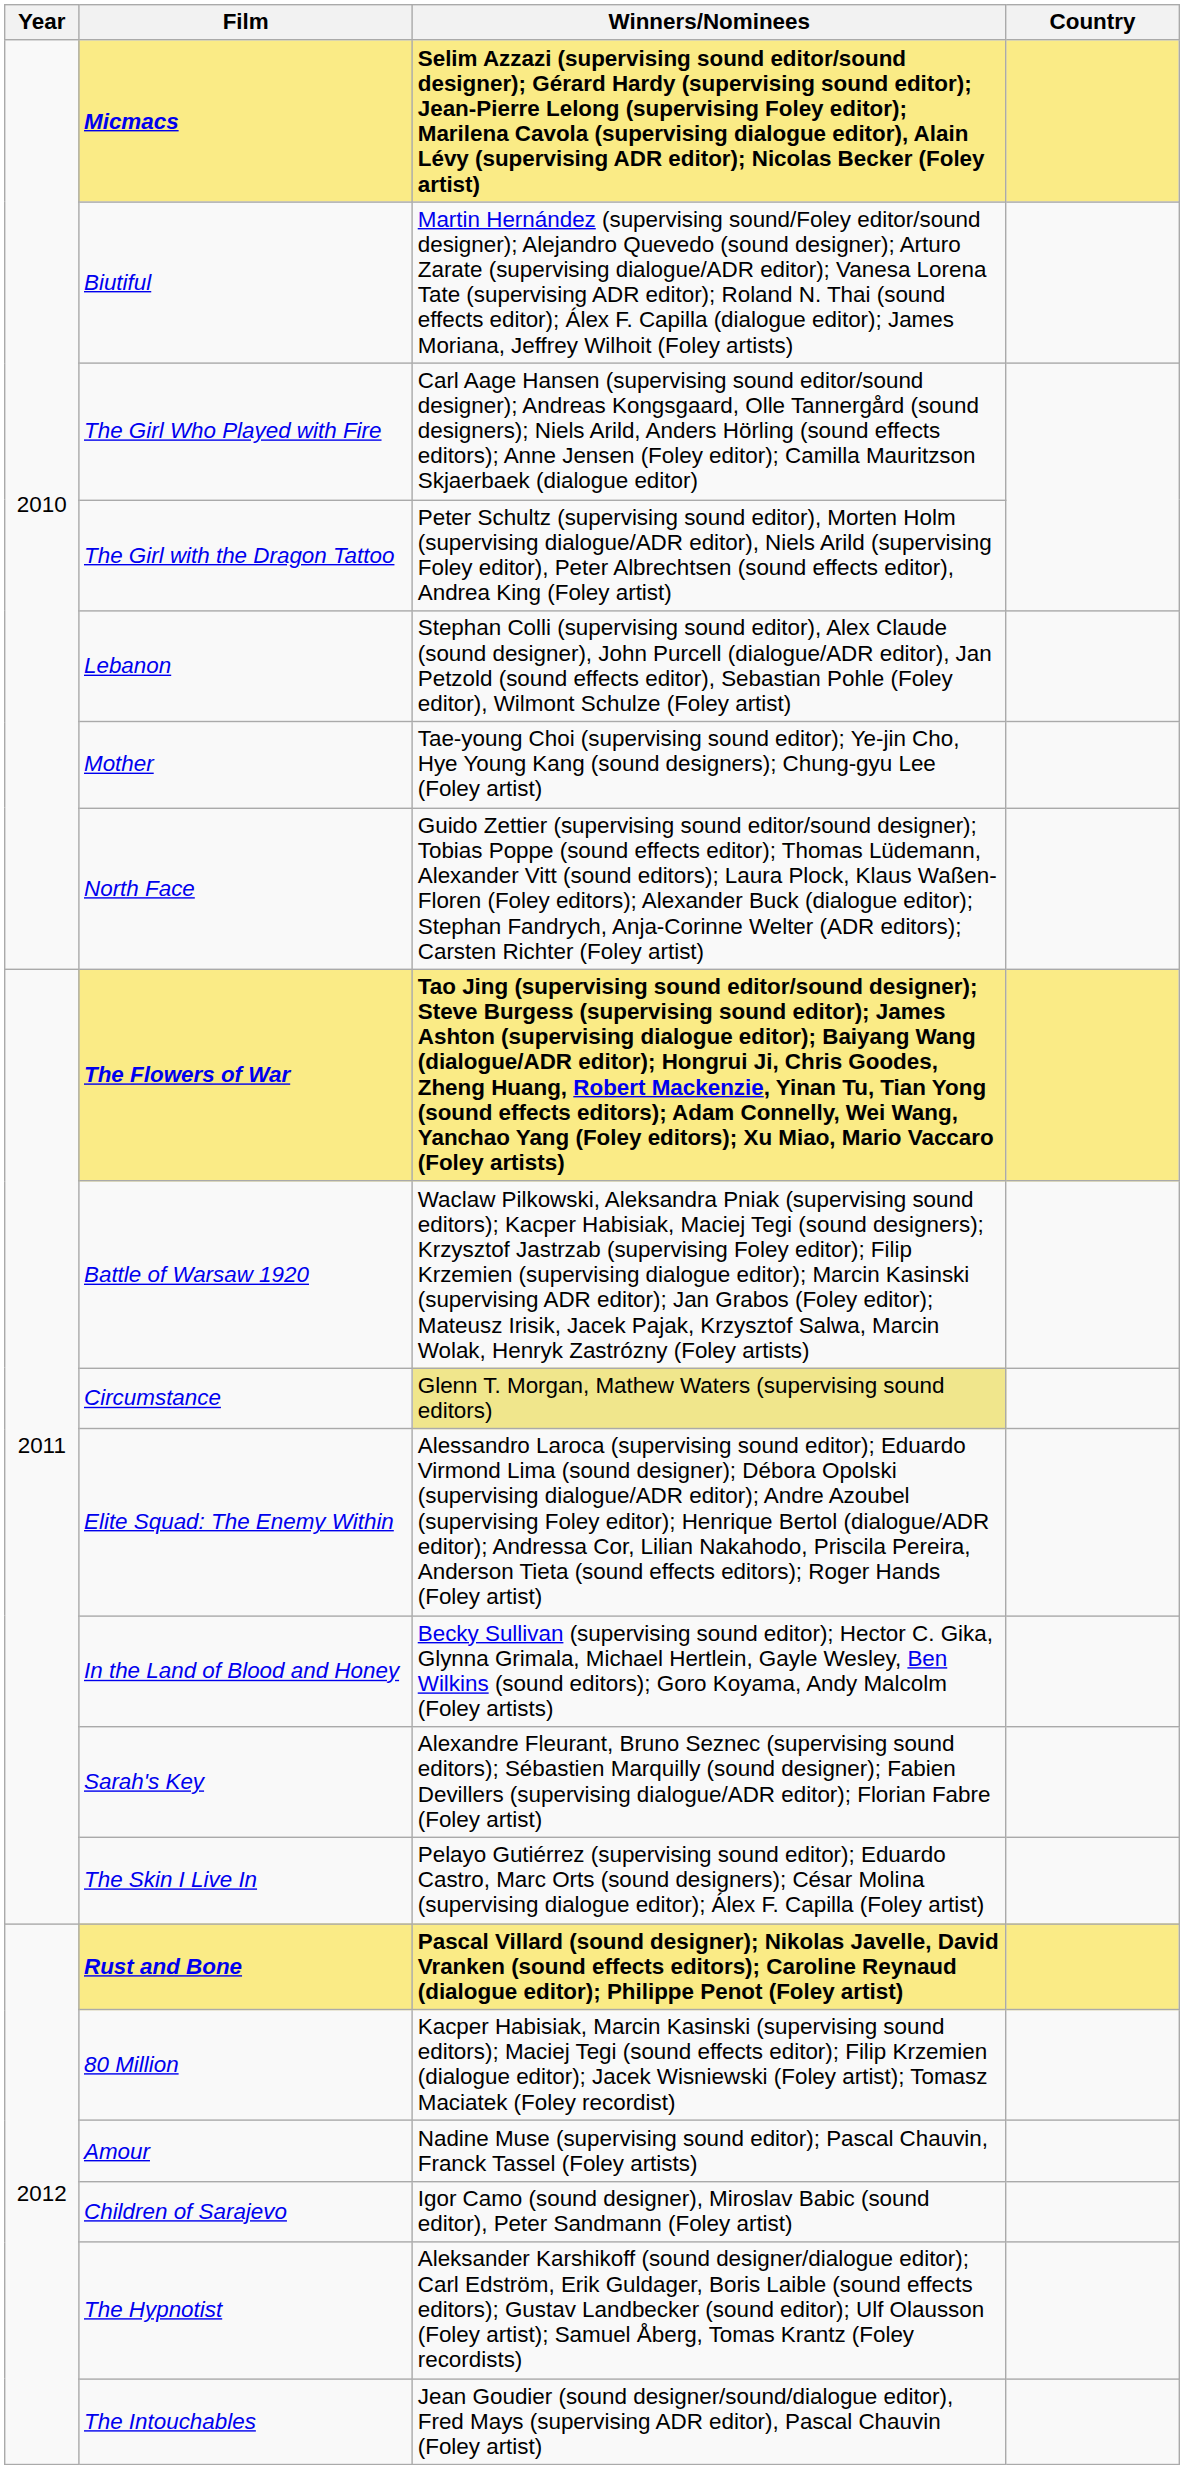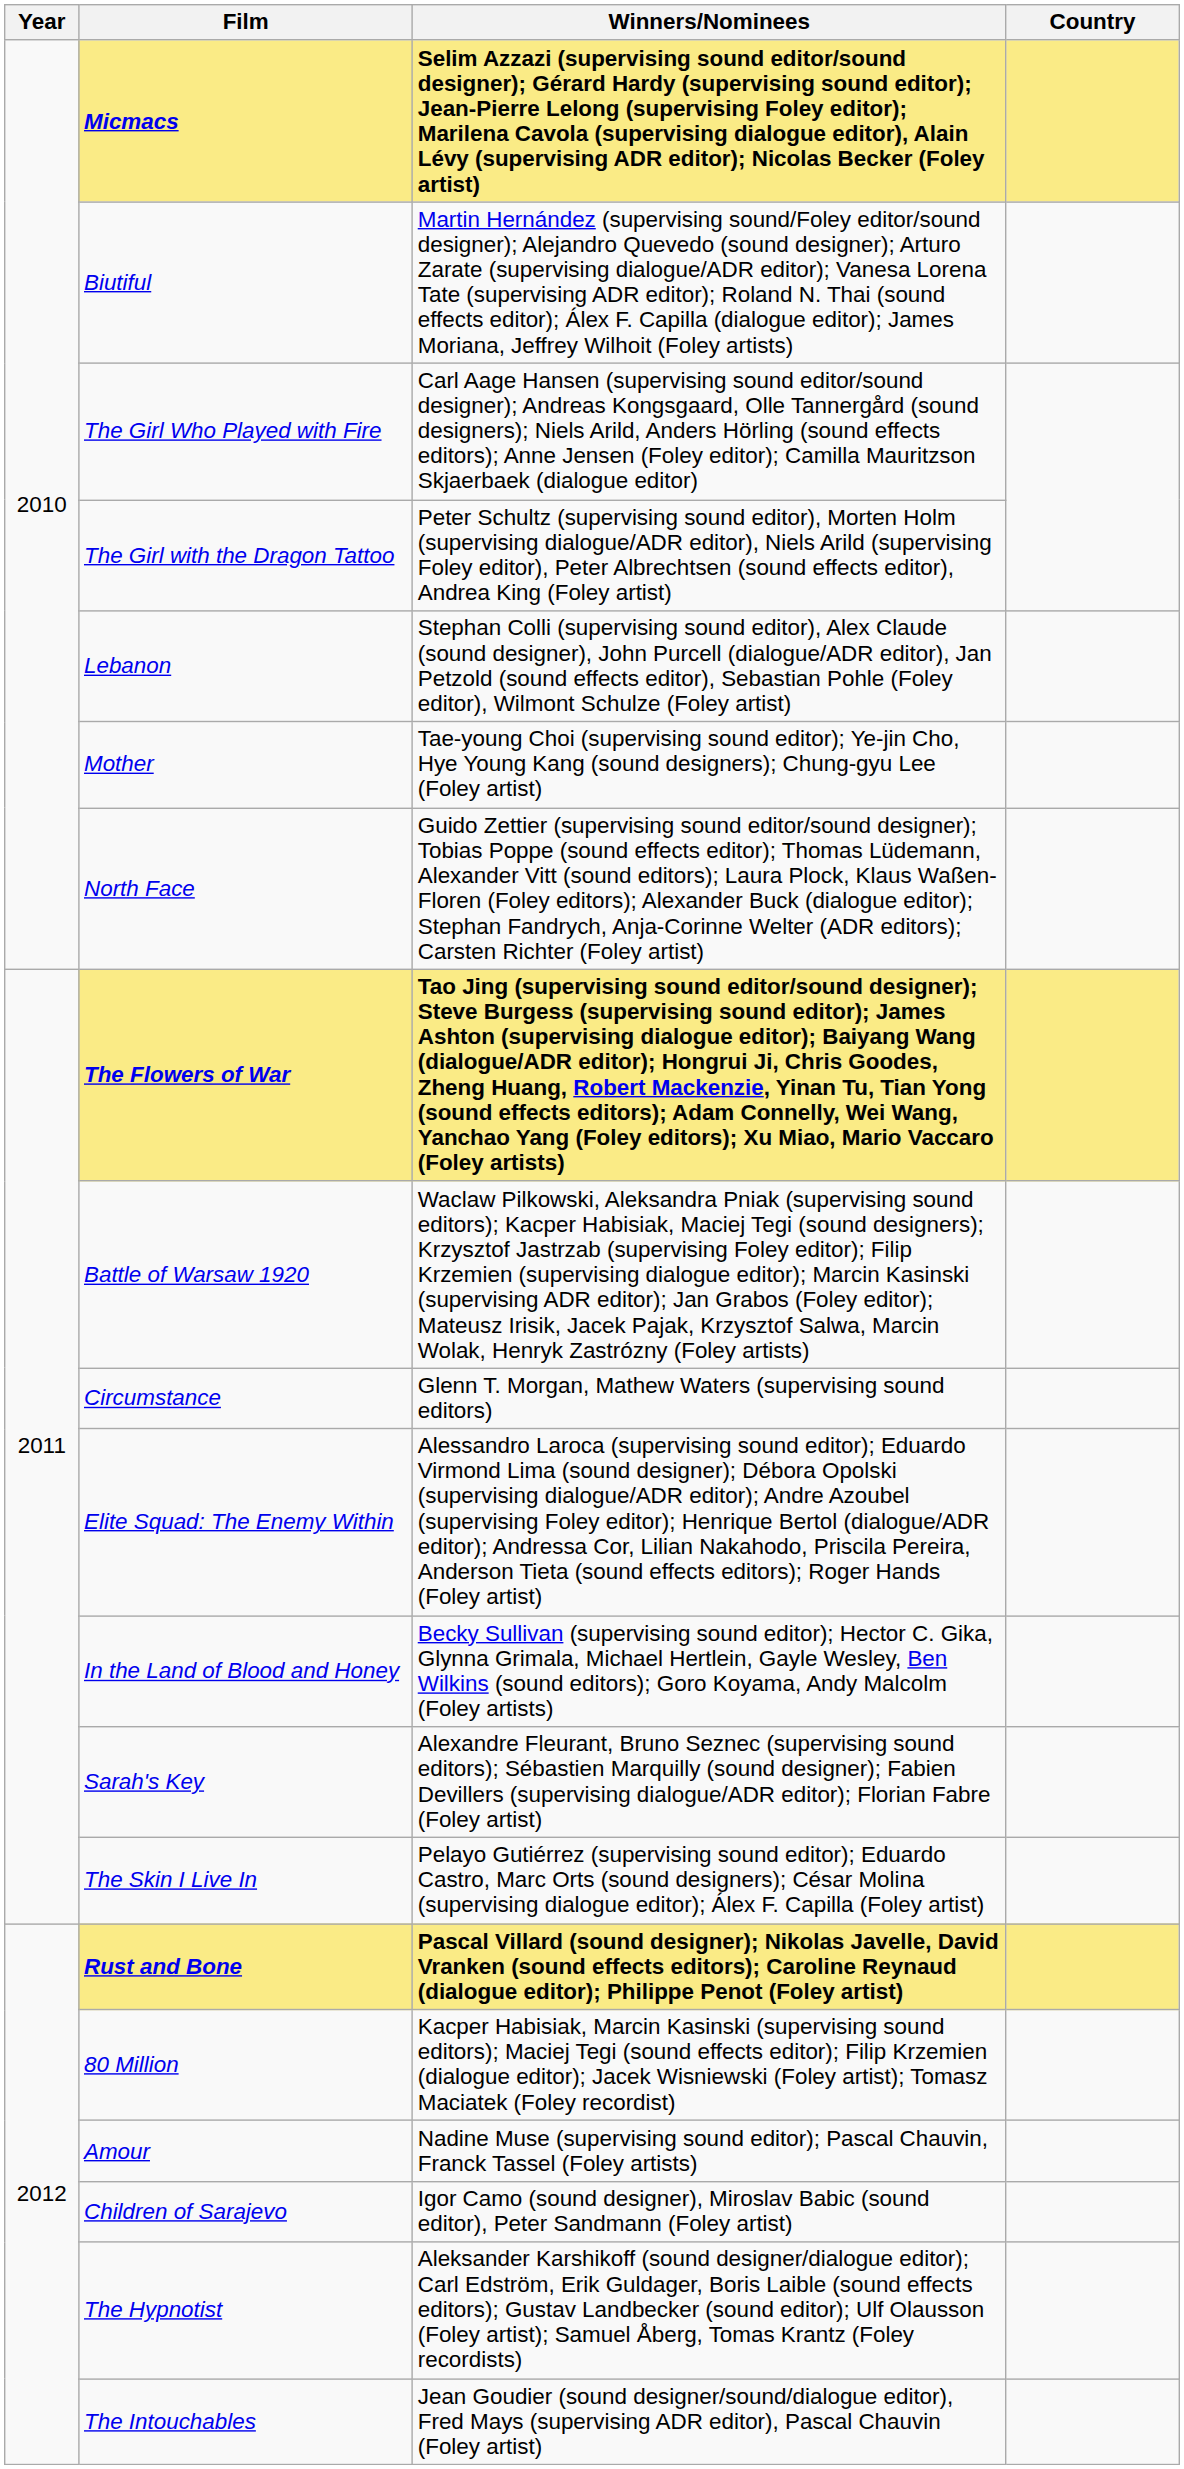 <table class="wikitable" width="95%" cellpadding="5">
 <tr>
 <th width="6%">Year</th>
 <th width="27%">Film</th>
 <th width="48%">Winners/Nominees</th>
 <th width="14%">Country</th>
 </tr>
 <tr>
 <td rowspan=7 style="text-align:center">2010<br></td>
 <td style="background:#FAEB86;"><strong><em><a href='#'>Micmacs</a></em></strong></td>
 <td style="background:#FAEB86;"><strong>Selim Azzazi (supervising sound editor/sound designer); Gérard Hardy (supervising sound editor); Jean-Pierre Lelong (supervising Foley editor); Marilena Cavola (supervising dialogue editor), Alain Lévy (supervising ADR editor); Nicolas Becker (Foley artist)</strong></td>
 <td style="background:#FAEB86;"><strong></strong></td>
 </tr>
 <tr>
 <td><em><a href='#'>Biutiful</a></em></td>
 <td><a href='#'>Martin Hernández</a> (supervising sound/Foley editor/sound designer); Alejandro Quevedo (sound designer); Arturo Zarate (supervising dialogue/ADR editor); Vanesa Lorena Tate (supervising ADR editor); Roland N. Thai (sound effects editor); Álex F. Capilla (dialogue editor); James Moriana, Jeffrey Wilhoit (Foley artists)</td>
 <td><br></td>
 </tr>
 <tr>
 <td><em><a href='#'>The Girl Who Played with Fire</a></em></td>
 <td>Carl Aage Hansen (supervising sound editor/sound designer); Andreas Kongsgaard, Olle Tannergård (sound designers); Niels Arild, Anders Hörling (sound effects editors); Anne Jensen (Foley editor); Camilla Mauritzson Skjaerbaek (dialogue editor)</td>
 <td rowspan="2"><br><br></td>
 </tr>
 <tr>
 <td><em><a href='#'>The Girl with the Dragon Tattoo</a></em></td>
 <td>Peter Schultz (supervising sound editor), Morten Holm (supervising dialogue/ADR editor), Niels Arild (supervising Foley editor), Peter Albrechtsen (sound effects editor), Andrea King (Foley artist)</td>
 </tr>
 <tr>
 <td><em><a href='#'>Lebanon</a></em></td>
 <td>Stephan Colli (supervising sound editor), Alex Claude (sound designer), John Purcell (dialogue/ADR editor), Jan Petzold (sound effects editor), Sebastian Pohle (Foley editor), Wilmont Schulze (Foley artist)</td>
 <td><br><br><br></td>
 </tr>
 <tr>
 <td><em><a href='#'>Mother</a></em></td>
 <td>Tae-young Choi (supervising sound editor); Ye-jin Cho, Hye Young Kang (sound designers); Chung-gyu Lee (Foley artist)</td>
 <td></td>
 </tr>
 <tr>
 <td><em><a href='#'>North Face</a></em></td>
 <td>Guido Zettier (supervising sound editor/sound designer); Tobias Poppe (sound effects editor); Thomas Lüdemann, Alexander Vitt (sound editors); Laura Plock, Klaus Waßen-Floren (Foley editors); Alexander Buck (dialogue editor); Stephan Fandrych, Anja-Corinne Welter (ADR editors); Carsten Richter (Foley artist)</td>
 <td></td>
 </tr>
 <tr>
 <td rowspan=7 style="text-align:center">2011<br></td>
 <td style="background:#FAEB86;"><strong><em><a href='#'>The Flowers of War</a></em></strong></td>
 <td style="background:#FAEB86;"><strong>Tao Jing (supervising sound editor/sound designer); Steve Burgess (supervising sound editor); James Ashton (supervising dialogue editor); Baiyang Wang (dialogue/ADR editor); Hongrui Ji, Chris Goodes, Zheng Huang, <a href='#'>Robert Mackenzie</a>, Yinan Tu, Tian Yong (sound effects editors); Adam Connelly, Wei Wang, Yanchao Yang (Foley editors); Xu Miao, Mario Vaccaro (Foley artists)</strong></td>
 <td style="background:#FAEB86;"><strong><br></strong></td>
 </tr>
 <tr>
 <td><em><a href='#'>Battle of Warsaw 1920</a></em></td>
 <td>Waclaw Pilkowski, Aleksandra Pniak (supervising sound editors); Kacper Habisiak, Maciej Tegi (sound designers); Krzysztof Jastrzab (supervising Foley editor); Filip Krzemien (supervising dialogue editor); Marcin Kasinski (supervising ADR editor); Jan Grabos (Foley editor); Mateusz Irisik, Jacek Pajak, Krzysztof Salwa, Marcin Wolak, Henryk Zastrózny (Foley artists)</td>
 <td></td>
 </tr>
 <tr>
 <td><em><a href='#'>Circumstance</a></em></td>
-<td style="background: khaki;">Glenn T. Morgan, Mathew Waters (supervising sound editors)</td>
+<td>Glenn T. Morgan, Mathew Waters (supervising sound editors)</td>
 <td><br><br></td>
 </tr>
 <tr>
 <td><em><a href='#'>Elite Squad: The Enemy Within</a></em></td>
 <td>Alessandro Laroca (supervising sound editor); Eduardo Virmond Lima (sound designer); Débora Opolski (supervising dialogue/ADR editor); Andre Azoubel (supervising Foley editor); Henrique Bertol (dialogue/ADR editor); Andressa Cor, Lilian Nakahodo, Priscila Pereira, Anderson Tieta (sound effects editors); Roger Hands (Foley artist)</td>
 <td></td>
 </tr>
 <tr>
 <td><em><a href='#'>In the Land of Blood and Honey</a></em></td>
 <td><a href='#'>Becky Sullivan</a> (supervising sound editor); Hector C. Gika, Glynna Grimala, Michael Hertlein, Gayle Wesley, <a href='#'>Ben Wilkins</a> (sound editors); Goro Koyama, Andy Malcolm (Foley artists)</td>
 <td></td>
 </tr>
 <tr>
 <td><em><a href='#'>Sarah's Key</a></em></td>
 <td>Alexandre Fleurant, Bruno Seznec (supervising sound editors); Sébastien Marquilly (sound designer); Fabien Devillers (supervising dialogue/ADR editor); Florian Fabre (Foley artist)</td>
 <td></td>
 </tr>
 <tr>
 <td><em><a href='#'>The Skin I Live In</a></em></td>
 <td>Pelayo Gutiérrez (supervising sound editor); Eduardo Castro, Marc Orts (sound designers); César Molina (supervising dialogue editor); Álex F. Capilla (Foley artist)</td>
 <td></td>
 </tr>
 <tr>
 <td rowspan=6 style="text-align:center">2012<br></td>
 <td style="background:#FAEB86;"><strong><em><a href='#'>Rust and Bone</a></em></strong></td>
 <td style="background:#FAEB86;"><strong>Pascal Villard (sound designer); Nikolas Javelle, David Vranken (sound effects editors); Caroline Reynaud (dialogue editor); Philippe Penot (Foley artist)</strong></td>
 <td style="background:#FAEB86;"><strong><br></strong></td>
 </tr>
 <tr>
 <td><em><a href='#'>80 Million</a></em></td>
 <td>Kacper Habisiak, Marcin Kasinski (supervising sound editors); Maciej Tegi (sound effects editor); Filip Krzemien (dialogue editor); Jacek Wisniewski (Foley artist); Tomasz Maciatek (Foley recordist)</td>
 <td></td>
 </tr>
 <tr>
 <td><em><a href='#'>Amour</a></em></td>
 <td>Nadine Muse (supervising sound editor); Pascal Chauvin, Franck Tassel (Foley artists)</td>
 <td><br><br></td>
 </tr>
 <tr>
 <td><em><a href='#'>Children of Sarajevo</a></em></td>
 <td>Igor Camo (sound designer), Miroslav Babic (sound editor), Peter Sandmann (Foley artist)</td>
 <td></td>
 </tr>
 <tr>
 <td><em><a href='#'>The Hypnotist</a></em></td>
 <td>Aleksander Karshikoff (sound designer/dialogue editor); Carl Edström, Erik Guldager, Boris Laible (sound effects editors); Gustav Landbecker (sound editor); Ulf Olausson (Foley artist); Samuel Åberg, Tomas Krantz (Foley recordists)</td>
 <td></td>
 </tr>
 <tr>
 <td><em><a href='#'>The Intouchables</a></em></td>
 <td>Jean Goudier (sound designer/sound/dialogue editor), Fred Mays (supervising ADR editor), Pascal Chauvin (Foley artist)</td>
 <td></td>
 </tr>
 </table>
